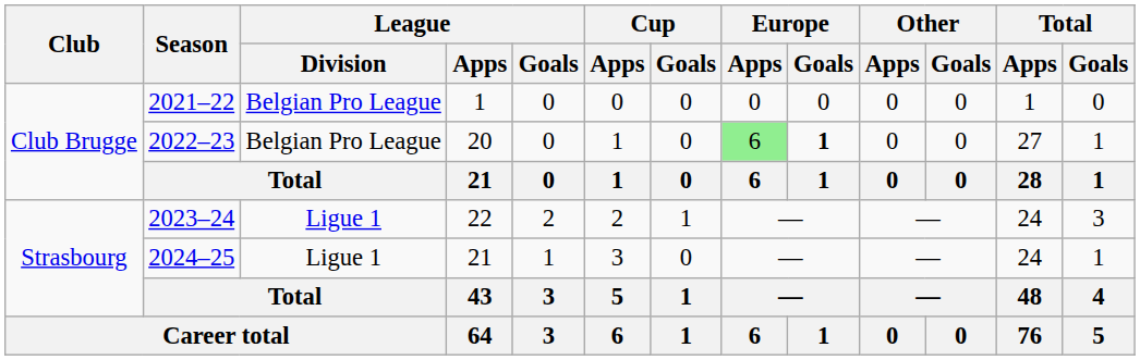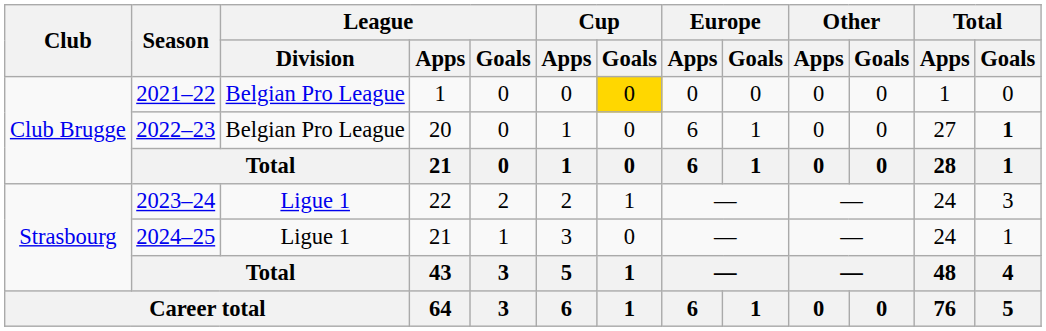 <table class="wikitable" style="text-align: center">
 <tr>
 <th rowspan="2">Club</th>
 <th rowspan="2">Season</th>
 <th colspan="3">League</th>
 <th colspan="2">Cup</th>
 <th colspan="2">Europe</th>
 <th colspan="2">Other</th>
 <th colspan="2">Total</th>
 </tr>
 <tr>
 <th>Division</th>
 <th>Apps</th>
 <th>Goals</th>
 <th>Apps</th>
 <th>Goals</th>
 <th>Apps</th>
 <th>Goals</th>
 <th>Apps</th>
 <th>Goals</th>
 <th>Apps</th>
 <th>Goals</th>
 </tr>
 <tr>
 <td rowspan="3"><a href='#'>Club Brugge</a></td>
 <td><a href='#'>2021–22</a></td>
 <td><a href='#'>Belgian Pro League</a></td>
 <td>1</td>
 <td>0</td>
 <td>0</td>
-<td>0</td>
+<td style="background: gold;">0</td>
 <td>0</td>
 <td>0</td>
 <td>0</td>
 <td>0</td>
 <td>1</td>
 <td>0</td>
 </tr>
 <tr>
 <td><a href='#'>2022–23</a></td>
 <td>Belgian Pro League</td>
 <td>20</td>
 <td>0</td>
 <td>1</td>
 <td>0</td>
-<td style="background: lightgreen;">6</td>
-<td><strong>1</strong></td>
+<td>6</td>
+<td>1</td>
 <td>0</td>
 <td>0</td>
 <td>27</td>
-<td>1</td>
+<td><strong>1</strong></td>
 </tr>
 <tr>
 <th colspan="2">Total</th>
 <th>21</th>
 <th>0</th>
 <th>1</th>
 <th>0</th>
 <th>6</th>
 <th>1</th>
 <th>0</th>
 <th>0</th>
 <th>28</th>
 <th>1</th>
 </tr>
 <tr>
 <td rowspan="3"><a href='#'>Strasbourg</a></td>
 <td><a href='#'>2023–24</a></td>
 <td><a href='#'>Ligue 1</a></td>
 <td>22</td>
 <td>2</td>
 <td>2</td>
 <td>1</td>
 <td colspan="2">—</td>
 <td colspan="2">—</td>
 <td>24</td>
 <td>3</td>
 </tr>
 <tr>
 <td><a href='#'>2024–25</a></td>
 <td>Ligue 1</td>
 <td>21</td>
 <td>1</td>
 <td>3</td>
 <td>0</td>
 <td colspan="2">—</td>
 <td colspan="2">—</td>
 <td>24</td>
 <td>1</td>
 </tr>
 <tr>
 <th colspan="2">Total</th>
 <th>43</th>
 <th>3</th>
 <th>5</th>
 <th>1</th>
 <th colspan="2">—</th>
 <th colspan="2">—</th>
 <th>48</th>
 <th>4</th>
 </tr>
 <tr>
 <th colspan="3">Career total</th>
 <th>64</th>
 <th>3</th>
 <th>6</th>
 <th>1</th>
 <th>6</th>
 <th>1</th>
 <th>0</th>
 <th>0</th>
 <th>76</th>
 <th>5</th>
 </tr>
 </table>
